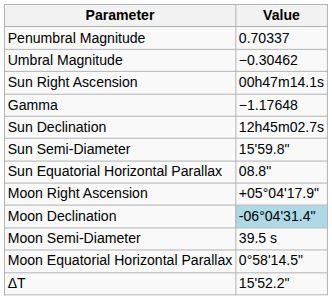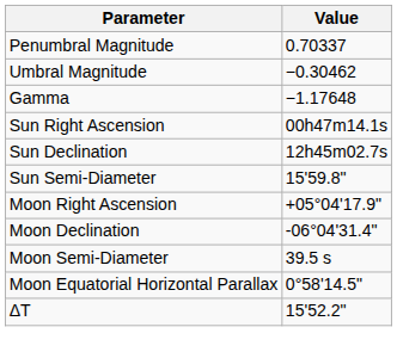 <table class="wikitable">
 <tr>
 <th>Parameter</th>
 <th>Value</th>
 </tr>
 <tr>
 <td>Penumbral Magnitude</td>
 <td>0.70337</td>
 </tr>
 <tr>
 <td>Umbral Magnitude</td>
 <td>−0.30462</td>
 </tr>
 <tr>
+<td>Gamma</td>
+<td>−1.17648</td>
+</tr>
+<tr>
 <td>Sun Right Ascension</td>
 <td>00h47m14.1s</td>
-</tr>
-<tr>
-<td>Gamma</td>
-<td>−1.17648</td>
 </tr>
 <tr>
 <td>Sun Declination</td>
 <td>12h45m02.7s</td>
 </tr>
 <tr>
 <td>Sun Semi-Diameter</td>
 <td>15'59.8"</td>
 </tr>
 <tr>
-<td>Sun Equatorial Horizontal Parallax</td>
-<td>08.8"</td>
-</tr>
-<tr>
 <td>Moon Right Ascension</td>
 <td>+05°04'17.9"</td>
 </tr>
 <tr>
 <td>Moon Declination</td>
-<td style="background: lightblue;">-06°04'31.4"</td>
+<td>-06°04'31.4"</td>
 </tr>
 <tr>
 <td>Moon Semi-Diameter</td>
 <td>39.5 s</td>
 </tr>
 <tr>
 <td>Moon Equatorial Horizontal Parallax</td>
 <td>0°58'14.5"</td>
 </tr>
 <tr>
 <td>ΔT</td>
 <td>15'52.2"</td>
 </tr>
 </table>
